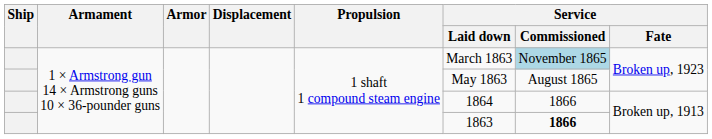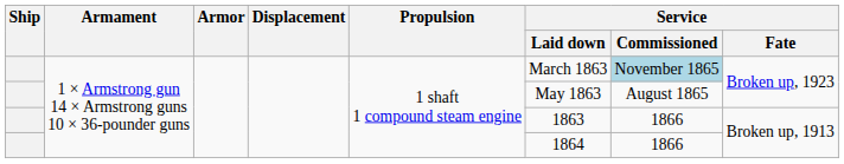 <table class="wikitable plainrowheaders" style="text-align: center;">
 <tr valign="top">
 <th scope="col" rowspan="2">Ship</th>
 <th scope="col" rowspan="2">Armament</th>
 <th scope="col" rowspan="2">Armor</th>
 <th scope="col" rowspan="2">Displacement</th>
 <th scope="col" rowspan="2">Propulsion</th>
 <th scope="col" colspan="3">Service</th>
 </tr>
 <tr valign="top">
 <th scope="col">Laid down</th>
 <th scope="col">Commissioned</th>
 <th scope="col">Fate</th>
 </tr>
 <tr valign="center">
 <th scope="row"></th>
 <td rowspan="4">1 ×  <a href='#'>Armstrong gun</a><br>14 ×  Armstrong guns<br>10 × 36-pounder guns</td>
 <td rowspan="4"></td>
 <td rowspan="4"></td>
 <td rowspan="4">1 shaft<br>1 <a href='#'>compound steam engine</a><br></td>
 <td>March 1863</td>
 <td style="background: lightblue;">November 1865</td>
 <td rowspan="2"><a href='#'>Broken up</a>, 1923</td>
 </tr>
 <tr valign="center">
 <th scope="row"></th>
 <td>May 1863</td>
 <td>August 1865</td>
 </tr>
 <tr valign="center">
 <th scope="row"></th>
-<td>1864</td>
+<td>1863</td>
 <td>1866</td>
 <td rowspan="2">Broken up, 1913</td>
 </tr>
 <tr valign="center">
 <th scope="row"></th>
-<td>1863</td>
-<td><strong>1866</strong></td>
+<td>1864</td>
+<td>1866</td>
 </tr>
 </table>
